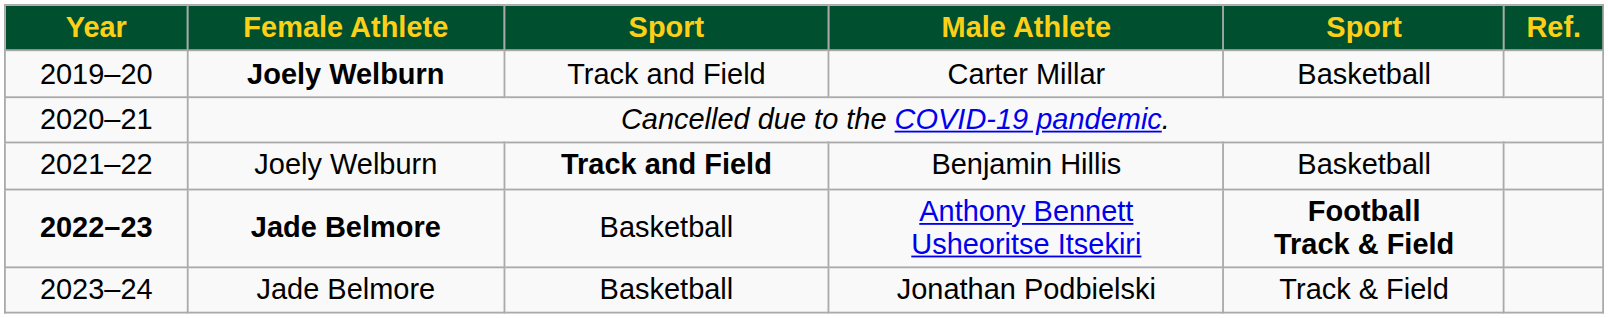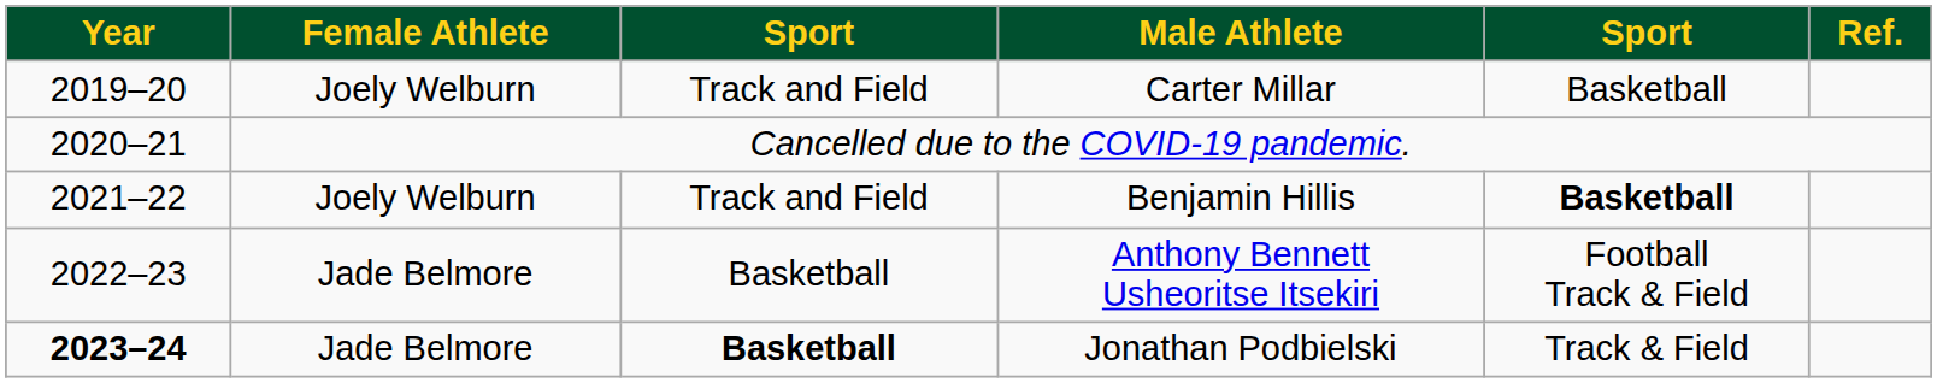 <table class="wikitable" width="100%">
 <tr align="center" style=" background:#00502F;color:#FDD017;">
 <td><strong>Year</strong></td>
 <td><strong>Female Athlete</strong></td>
 <td><strong>Sport</strong></td>
 <td><strong>Male Athlete</strong></td>
 <td><strong>Sport</strong></td>
 <td><strong>Ref.</strong></td>
 </tr>
 <tr align="center" bgcolor="">
 <td>2019–20</td>
-<td><strong>Joely Welburn</strong></td>
+<td>Joely Welburn</td>
 <td>Track and Field</td>
 <td>Carter Millar</td>
 <td>Basketball</td>
 <td></td>
 </tr>
 <tr align="center" bgcolor="">
 <td>2020–21</td>
 <td colspan="5"><em>Cancelled due to the <a href='#'>COVID-19 pandemic</a>.</em></td>
 </tr>
 <tr align="center" bgcolor="">
 <td>2021–22</td>
 <td>Joely Welburn</td>
-<td><strong>Track and Field</strong></td>
+<td>Track and Field</td>
 <td>Benjamin Hillis</td>
-<td>Basketball</td>
+<td><strong>Basketball</strong></td>
 <td></td>
 </tr>
 <tr align="center" bgcolor="">
-<td><strong>2022–23</strong></td>
-<td><strong>Jade Belmore</strong></td>
+<td>2022–23</td>
+<td>Jade Belmore</td>
 <td>Basketball</td>
 <td><a href='#'>Anthony Bennett</a><br><a href='#'>Usheoritse Itsekiri</a></td>
-<td><strong>Football<br>Track & Field</strong></td>
+<td>Football<br>Track & Field</td>
 <td></td>
 </tr>
 <tr align="center" bgcolor="">
-<td>2023–24</td>
+<td><strong>2023–24</strong></td>
 <td>Jade Belmore</td>
-<td>Basketball</td>
+<td><strong>Basketball</strong></td>
 <td>Jonathan Podbielski</td>
 <td>Track & Field</td>
 <td></td>
 </tr>
 </table>
